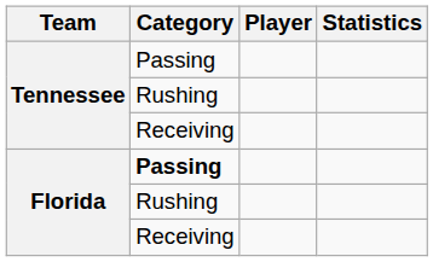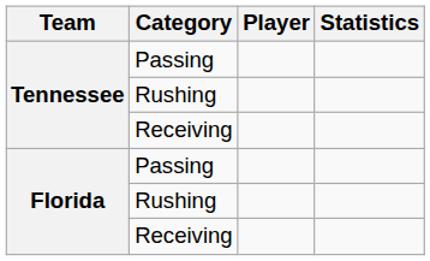 <table class="wikitable" style="float:right">
 <tr>
 <th>Team</th>
 <th>Category</th>
 <th>Player</th>
 <th>Statistics</th>
 </tr>
 <tr>
 <th rowspan=3>Tennessee</th>
 <td>Passing</td>
 <td></td>
 <td></td>
 </tr>
 <tr>
 <td>Rushing</td>
 <td></td>
 <td></td>
 </tr>
 <tr>
 <td>Receiving</td>
 <td></td>
 <td></td>
 </tr>
 <tr>
 <th rowspan=3>Florida</th>
-<td><strong>Passing</strong></td>
+<td>Passing</td>
 <td></td>
 <td></td>
 </tr>
 <tr>
 <td>Rushing</td>
 <td></td>
 <td></td>
 </tr>
 <tr>
 <td>Receiving</td>
 <td></td>
 <td></td>
 </tr>
 </table>
